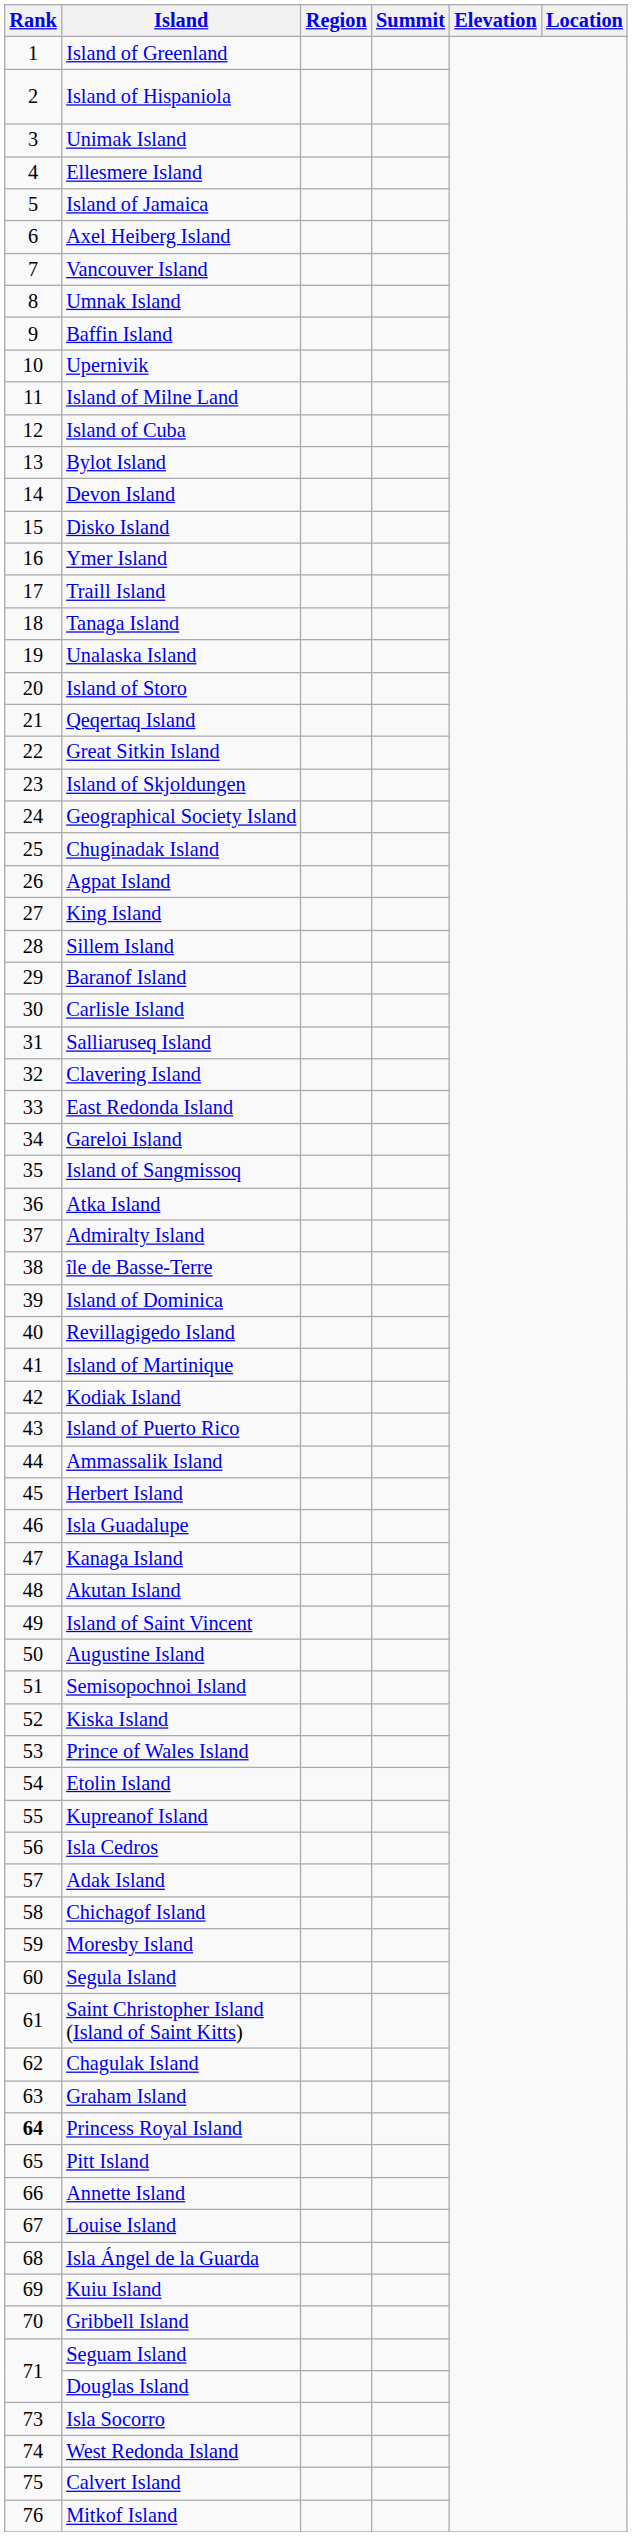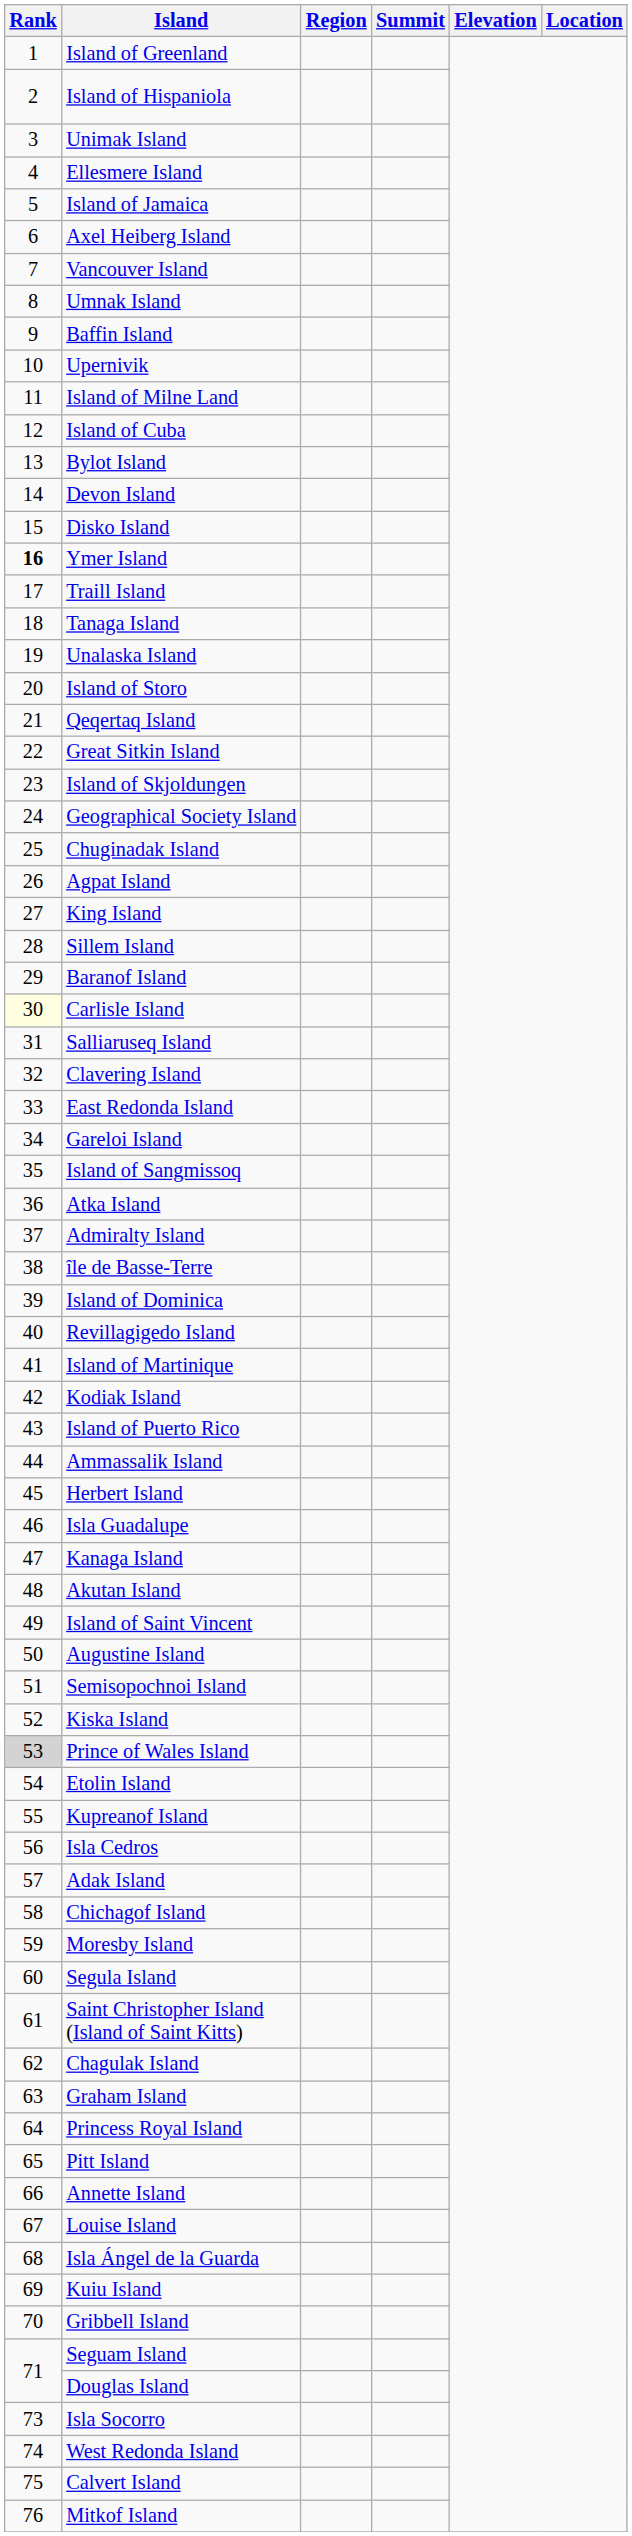 <table class="wikitable sortable">
 <tr>
 <th><a href='#'>Rank</a></th>
 <th><a href='#'>Island</a></th>
 <th><a href='#'>Region</a></th>
 <th><a href='#'>Summit</a></th>
 <th><a href='#'>Elevation</a></th>
 <th><a href='#'>Location</a></th>
 </tr>
 <tr>
 <td align=center>1</td>
 <td><a href='#'>Island of Greenland</a></td>
 <td><br> </td>
 <td></td>
 </tr>
 <tr>
 <td align=center>2</td>
 <td><a href='#'>Island of Hispaniola</a></td>
 <td><br><br> </td>
 <td></td>
 </tr>
 <tr>
 <td align=center>3</td>
 <td><a href='#'>Unimak Island</a></td>
 <td><br> </td>
 <td></td>
 </tr>
 <tr>
 <td align=center>4</td>
 <td><a href='#'>Ellesmere Island</a></td>
 <td><br> </td>
 <td></td>
 </tr>
 <tr>
 <td align=center>5</td>
 <td><a href='#'>Island of Jamaica</a></td>
 <td><br> </td>
 <td></td>
 </tr>
 <tr>
 <td align=center>6</td>
 <td><a href='#'>Axel Heiberg Island</a></td>
 <td><br> </td>
 <td></td>
 </tr>
 <tr>
 <td align=center>7</td>
 <td><a href='#'>Vancouver Island</a></td>
 <td><br> </td>
 <td></td>
 </tr>
 <tr>
 <td align=center>8</td>
 <td><a href='#'>Umnak Island</a></td>
 <td><br> </td>
 <td></td>
 </tr>
 <tr>
 <td align=center>9</td>
 <td><a href='#'>Baffin Island</a></td>
 <td><br> </td>
 <td></td>
 </tr>
 <tr>
 <td align=center>10</td>
 <td><a href='#'>Upernivik</a></td>
 <td><br> </td>
 <td></td>
 </tr>
 <tr>
 <td align=center>11</td>
 <td><a href='#'>Island of Milne Land</a></td>
 <td><br> </td>
 <td></td>
 </tr>
 <tr>
 <td align=center>12</td>
 <td><a href='#'>Island of Cuba</a></td>
 <td><br> </td>
 <td></td>
 </tr>
 <tr>
 <td align=center>13</td>
 <td><a href='#'>Bylot Island</a></td>
 <td><br> </td>
 <td></td>
 </tr>
 <tr>
 <td align=center>14</td>
 <td><a href='#'>Devon Island</a></td>
 <td><br> </td>
 <td></td>
 </tr>
 <tr>
 <td align=center>15</td>
 <td><a href='#'>Disko Island</a></td>
 <td><br> </td>
 <td></td>
 </tr>
 <tr>
-<td align=center>16</td>
+<td align=center><strong>16</strong></td>
 <td><a href='#'>Ymer Island</a></td>
 <td><br> </td>
 <td></td>
 </tr>
 <tr>
 <td align=center>17</td>
 <td><a href='#'>Traill Island</a></td>
 <td><br> </td>
 <td></td>
 </tr>
 <tr>
 <td align=center>18</td>
 <td><a href='#'>Tanaga Island</a></td>
 <td><br> </td>
 <td></td>
 </tr>
 <tr>
 <td align=center>19</td>
 <td><a href='#'>Unalaska Island</a></td>
 <td><br> </td>
 <td></td>
 </tr>
 <tr>
 <td align=center>20</td>
 <td><a href='#'>Island of Storo</a></td>
 <td><br> </td>
 <td></td>
 </tr>
 <tr>
 <td align=center>21</td>
 <td><a href='#'>Qeqertaq Island</a></td>
 <td><br> </td>
 <td></td>
 </tr>
 <tr>
 <td align=center>22</td>
 <td><a href='#'>Great Sitkin Island</a></td>
 <td><br> </td>
 <td></td>
 </tr>
 <tr>
 <td align=center>23</td>
 <td><a href='#'>Island of Skjoldungen</a></td>
 <td><br> </td>
 <td></td>
 </tr>
 <tr>
 <td align=center>24</td>
 <td><a href='#'>Geographical Society Island</a></td>
 <td><br> </td>
 <td></td>
 </tr>
 <tr>
 <td align=center>25</td>
 <td><a href='#'>Chuginadak Island</a></td>
 <td><br> </td>
 <td></td>
 </tr>
 <tr>
 <td align=center>26</td>
 <td><a href='#'>Agpat Island</a></td>
 <td><br> </td>
 <td></td>
 </tr>
 <tr>
 <td align=center>27</td>
 <td><a href='#'>King Island</a></td>
 <td><br> </td>
 <td></td>
 </tr>
 <tr>
 <td align=center>28</td>
 <td><a href='#'>Sillem Island</a></td>
 <td><br> </td>
 <td></td>
 </tr>
 <tr>
 <td align=center>29</td>
 <td><a href='#'>Baranof Island</a></td>
 <td><br> </td>
 <td></td>
 </tr>
 <tr>
-<td align=center>30</td>
+<td align=center style="background: lightyellow;">30</td>
 <td><a href='#'>Carlisle Island</a></td>
 <td><br> </td>
 <td></td>
 </tr>
 <tr>
 <td align=center>31</td>
 <td><a href='#'>Salliaruseq Island</a></td>
 <td><br> </td>
 <td></td>
 </tr>
 <tr>
 <td align=center>32</td>
 <td><a href='#'>Clavering Island</a></td>
 <td><br> </td>
 <td></td>
 </tr>
 <tr>
 <td align=center>33</td>
 <td><a href='#'>East Redonda Island</a></td>
 <td><br> </td>
 <td></td>
 </tr>
 <tr>
 <td align=center>34</td>
 <td><a href='#'>Gareloi Island</a></td>
 <td><br> </td>
 <td></td>
 </tr>
 <tr>
 <td align=center>35</td>
 <td><a href='#'>Island of Sangmissoq</a></td>
 <td><br> </td>
 <td></td>
 </tr>
 <tr>
 <td align=center>36</td>
 <td><a href='#'>Atka Island</a></td>
 <td><br> </td>
 <td></td>
 </tr>
 <tr>
 <td align=center>37</td>
 <td><a href='#'>Admiralty Island</a></td>
 <td><br> </td>
 <td></td>
 </tr>
 <tr>
 <td align=center>38</td>
 <td><a href='#'>île de Basse-Terre</a></td>
 <td><br> </td>
 <td></td>
 </tr>
 <tr>
 <td align=center>39</td>
 <td><a href='#'>Island of Dominica</a></td>
 <td><br> </td>
 <td></td>
 </tr>
 <tr>
 <td align=center>40</td>
 <td><a href='#'>Revillagigedo Island</a></td>
 <td><br> </td>
 <td></td>
 </tr>
 <tr>
 <td align=center>41</td>
 <td><a href='#'>Island of Martinique</a></td>
 <td><br> </td>
 <td></td>
 </tr>
 <tr>
 <td align=center>42</td>
 <td><a href='#'>Kodiak Island</a></td>
 <td><br> </td>
 <td></td>
 </tr>
 <tr>
 <td align=center>43</td>
 <td><a href='#'>Island of Puerto Rico</a></td>
 <td><br> </td>
 <td></td>
 </tr>
 <tr>
 <td align=center>44</td>
 <td><a href='#'>Ammassalik Island</a></td>
 <td><br> </td>
 <td></td>
 </tr>
 <tr>
 <td align=center>45</td>
 <td><a href='#'>Herbert Island</a></td>
 <td><br> </td>
 <td></td>
 </tr>
 <tr>
 <td align=center>46</td>
 <td><a href='#'>Isla Guadalupe</a></td>
 <td><br> </td>
 <td></td>
 </tr>
 <tr>
 <td align=center>47</td>
 <td><a href='#'>Kanaga Island</a></td>
 <td><br> </td>
 <td></td>
 </tr>
 <tr>
 <td align=center>48</td>
 <td><a href='#'>Akutan Island</a></td>
 <td><br> </td>
 <td></td>
 </tr>
 <tr>
 <td align=center>49</td>
 <td><a href='#'>Island of Saint Vincent</a></td>
 <td><br> </td>
 <td></td>
 </tr>
 <tr>
 <td align=center>50</td>
 <td><a href='#'>Augustine Island</a></td>
 <td><br> </td>
 <td></td>
 </tr>
 <tr>
 <td align=center>51</td>
 <td><a href='#'>Semisopochnoi Island</a></td>
 <td><br> </td>
 <td></td>
 </tr>
 <tr>
 <td align=center>52</td>
 <td><a href='#'>Kiska Island</a></td>
 <td><br> </td>
 <td></td>
 </tr>
 <tr>
-<td align=center>53</td>
+<td align=center style="background: lightgrey;">53</td>
 <td><a href='#'>Prince of Wales Island</a></td>
 <td><br> </td>
 <td></td>
 </tr>
 <tr>
 <td align=center>54</td>
 <td><a href='#'>Etolin Island</a></td>
 <td><br> </td>
 <td></td>
 </tr>
 <tr>
 <td align=center>55</td>
 <td><a href='#'>Kupreanof Island</a></td>
 <td><br> </td>
 <td></td>
 </tr>
 <tr>
 <td align=center>56</td>
 <td><a href='#'>Isla Cedros</a></td>
 <td><br> </td>
 <td></td>
 </tr>
 <tr>
 <td align=center>57</td>
 <td><a href='#'>Adak Island</a></td>
 <td><br> </td>
 <td></td>
 </tr>
 <tr>
 <td align=center>58</td>
 <td><a href='#'>Chichagof Island</a></td>
 <td><br> </td>
 <td></td>
 </tr>
 <tr>
 <td align=center>59</td>
 <td><a href='#'>Moresby Island</a></td>
 <td><br> </td>
 <td></td>
 </tr>
 <tr>
 <td align=center>60</td>
 <td><a href='#'>Segula Island</a></td>
 <td><br> </td>
 <td></td>
 </tr>
 <tr>
 <td align=center>61</td>
 <td><a href='#'>Saint Christopher Island</a><br>(<a href='#'>Island of Saint Kitts</a>)</td>
 <td><br> </td>
 <td></td>
 </tr>
 <tr>
 <td align=center>62</td>
 <td><a href='#'>Chagulak Island</a></td>
 <td><br> </td>
 <td></td>
 </tr>
 <tr>
 <td align=center>63</td>
 <td><a href='#'>Graham Island</a></td>
 <td><br> </td>
 <td></td>
 </tr>
 <tr>
-<td align=center><strong>64</strong></td>
+<td align=center>64</td>
 <td><a href='#'>Princess Royal Island</a></td>
 <td><br> </td>
 <td></td>
 </tr>
 <tr>
 <td align=center>65</td>
 <td><a href='#'>Pitt Island</a></td>
 <td><br> </td>
 <td></td>
 </tr>
 <tr>
 <td align=center>66</td>
 <td><a href='#'>Annette Island</a></td>
 <td><br> </td>
 <td></td>
 </tr>
 <tr>
 <td align=center>67</td>
 <td><a href='#'>Louise Island</a></td>
 <td><br> </td>
 <td></td>
 </tr>
 <tr>
 <td align=center>68</td>
 <td><a href='#'>Isla Ángel de la Guarda</a></td>
 <td><br> </td>
 <td></td>
 </tr>
 <tr>
 <td align=center>69</td>
 <td><a href='#'>Kuiu Island</a></td>
 <td><br> </td>
 <td></td>
 </tr>
 <tr>
 <td align=center>70</td>
 <td><a href='#'>Gribbell Island</a></td>
 <td><br> </td>
 <td></td>
 </tr>
 <tr>
 <td align=center rowspan=2>71</td>
 <td><a href='#'>Seguam Island</a></td>
 <td><br> </td>
 <td></td>
 </tr>
 <tr>
 <td><a href='#'>Douglas Island</a></td>
 <td><br> </td>
 <td></td>
 </tr>
 <tr>
 <td align=center>73</td>
 <td><a href='#'>Isla Socorro</a></td>
 <td><br> </td>
 <td></td>
 </tr>
 <tr>
 <td align=center>74</td>
 <td><a href='#'>West Redonda Island</a></td>
 <td><br> </td>
 <td></td>
 </tr>
 <tr>
 <td align=center>75</td>
 <td><a href='#'>Calvert Island</a></td>
 <td><br> </td>
 <td></td>
 </tr>
 <tr>
 <td align=center>76</td>
 <td><a href='#'>Mitkof Island</a></td>
 <td><br> </td>
 <td></td>
 </tr>
 </table>
